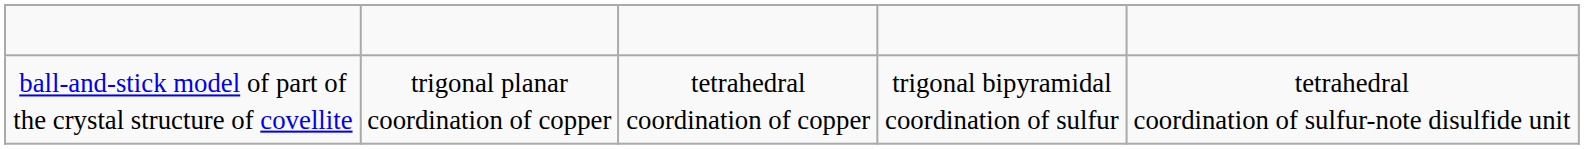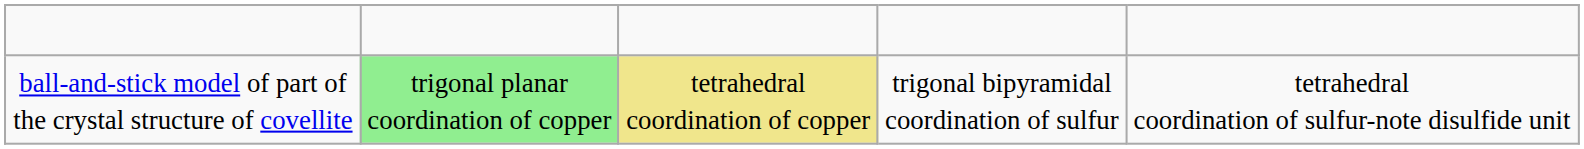 <table class="wikitable" style="margin:1em auto; text-align:center;">
 <tr>
 <td><br></td>
 <td></td>
 <td></td>
 <td></td>
 <td></td>
 </tr>
 <tr>
 <td><small><a href='#'>ball-and-stick model</a> of part of<br>the crystal structure of <a href='#'>covellite</a></small></td>
-<td><small>trigonal planar<br>coordination of copper</small></td>
-<td><small>tetrahedral<br>coordination of copper</small></td>
+<td style="background: lightgreen;"><small>trigonal planar<br>coordination of copper</small></td>
+<td style="background: khaki;"><small>tetrahedral<br>coordination of copper</small></td>
 <td><small>trigonal bipyramidal<br>coordination of sulfur</small></td>
 <td><small>tetrahedral<br>coordination of sulfur-note disulfide unit</small></td>
 </tr>
 </table>
